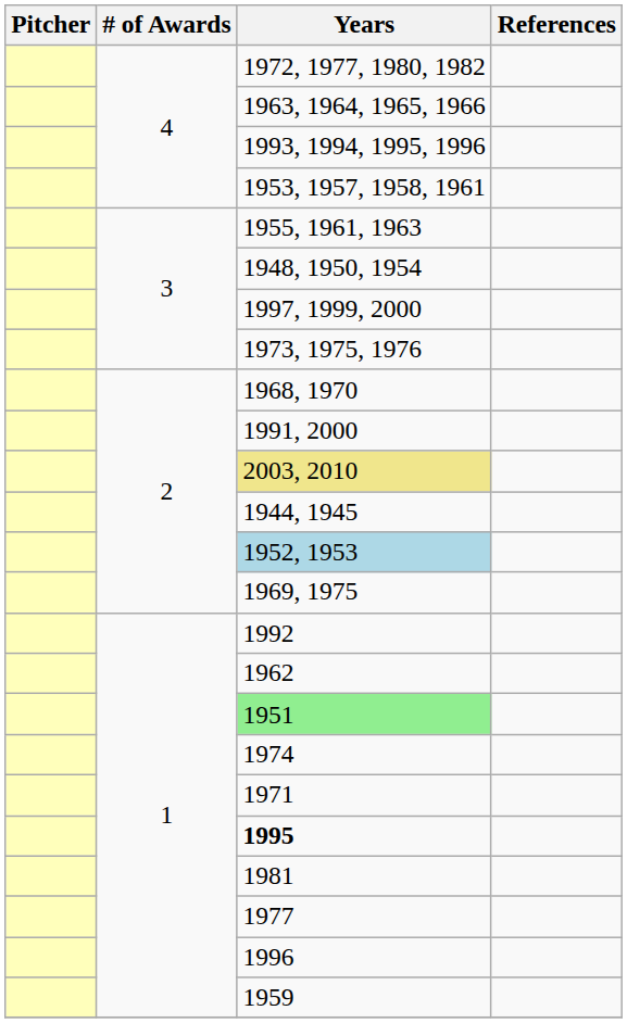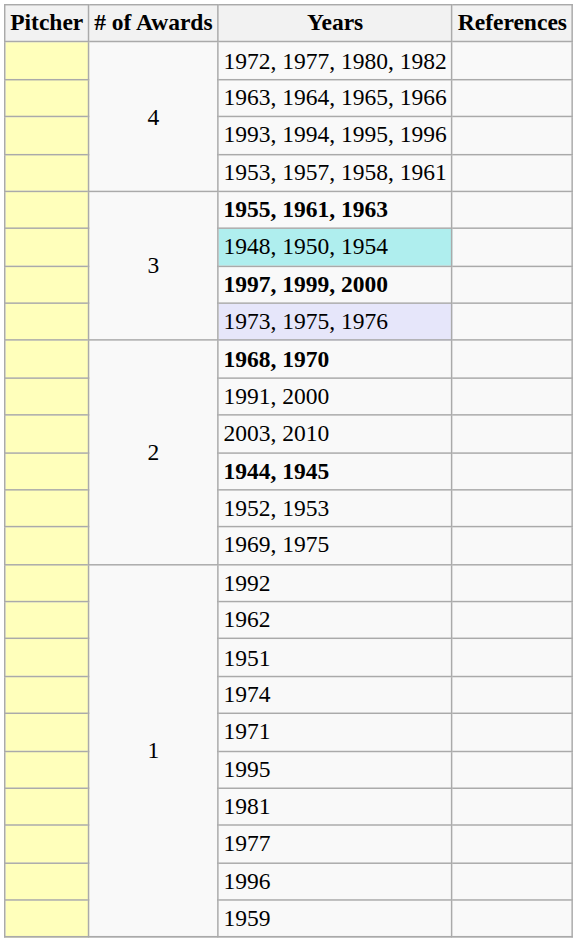 <table class="wikitable sortable" style="text-align:center">
 <tr>
 <th>Pitcher</th>
 <th># of Awards</th>
 <th>Years</th>
 <th class="unsortable">References</th>
 </tr>
 <tr>
 <th scope="row" style="background-color: #ffffbb"> <sup></sup></th>
 <td rowspan=4 style="text-align:center;">4</td>
 <td style="text-align:left;">1972, 1977, 1980, 1982</td>
 <td></td>
 </tr>
 <tr>
 <th scope="row" style="background-color: #ffffbb"> <sup></sup></th>
 <td style="text-align:left;">1963, 1964, 1965, 1966</td>
 <td></td>
 </tr>
 <tr>
 <th scope="row" style="background-color: #ffffbb"> <sup></sup></th>
 <td style="text-align:left;">1993, 1994, 1995, 1996</td>
 <td></td>
 </tr>
 <tr>
 <th scope="row" style="background-color: #ffffbb"> <sup></sup></th>
 <td style="text-align:left;">1953, 1957, 1958, 1961</td>
 <td></td>
 </tr>
 <tr>
 <th scope="row" style="background-color: #ffffbb"> <sup></sup></th>
 <td rowspan=4 style="text-align:center;">3</td>
-<td style="text-align:left;">1955, 1961, 1963</td>
+<td style="text-align:left;"><strong>1955, 1961, 1963</strong></td>
 <td></td>
 </tr>
 <tr>
 <th scope="row" style="background-color: #ffffbb"> <sup></sup></th>
-<td style="text-align:left;">1948, 1950, 1954</td>
+<td style="background: paleturquoise; text-align:left;">1948, 1950, 1954</td>
 <td></td>
 </tr>
 <tr>
 <th scope="row" style="background-color: #ffffbb"> <sup></sup></th>
-<td style="text-align:left;">1997, 1999, 2000</td>
+<td style="text-align:left;"><strong>1997, 1999, 2000</strong></td>
 <td></td>
 </tr>
 <tr>
 <th scope="row" style="background-color: #ffffbb"> <sup></sup></th>
-<td style="text-align:left;">1973, 1975, 1976</td>
+<td style="background: lavender; text-align:left;">1973, 1975, 1976</td>
 <td></td>
 </tr>
 <tr>
 <th scope="row" style="background-color: #ffffbb"> <sup></sup></th>
 <td rowspan=6 style="text-align:center;">2</td>
-<td style="text-align:left;">1968, 1970</td>
+<td style="text-align:left;"><strong>1968, 1970</strong></td>
 <td></td>
 </tr>
 <tr>
 <th scope="row" style="background-color: #ffffbb"> <sup></sup></th>
 <td style="text-align:left;">1991, 2000</td>
 <td></td>
 </tr>
 <tr>
 <th scope="row" style="text-align:center; background-color: #ffffbb"> <sup></sup></th>
-<td style="background: khaki; text-align:left;">2003, 2010</td>
+<td style="text-align:left;">2003, 2010</td>
 <td></td>
 </tr>
 <tr>
 <th scope="row" style="background-color: #ffffbb"> <sup></sup></th>
-<td style="text-align:left;">1944, 1945</td>
+<td style="text-align:left;"><strong>1944, 1945</strong></td>
 <td></td>
 </tr>
 <tr>
 <th scope="row" style="background-color: #ffffbb;"> <sup></sup></th>
-<td style="background: lightblue; text-align:left;">1952, 1953</td>
+<td style="text-align:left;">1952, 1953</td>
 <td></td>
 </tr>
 <tr>
 <th scope="row" style="background-color: #ffffbb"> <sup></sup></th>
 <td style="text-align:left;">1969, 1975</td>
 <td></td>
 </tr>
 <tr>
 <th scope="row" style="background-color: #ffffbb"> <sup></sup></th>
 <td rowspan=10 style="text-align:center;">1</td>
 <td style="text-align:left;">1992</td>
 <td></td>
 </tr>
 <tr>
 <th scope="row" style="text-align:center; background:#ffb;"> <sup></sup></th>
 <td style="text-align:left;">1962</td>
 <td></td>
 </tr>
 <tr>
 <th scope="row" style="background-color: #ffffbb"> <sup></sup></th>
-<td style="background: lightgreen; text-align:left;">1951</td>
+<td style="text-align:left;">1951</td>
 <td></td>
 </tr>
 <tr>
 <th scope="row" style="background-color: #ffffbb"> <sup></sup></th>
 <td style="text-align:left;">1974</td>
 <td></td>
 </tr>
 <tr>
 <th scope="row" style="background-color: #ffffbb"> <sup></sup></th>
 <td style="text-align:left;">1971</td>
 <td></td>
 </tr>
 <tr>
 <th scope="row" style="background-color: #ffffbb"> <sup></sup></th>
-<td style="text-align:left;"><strong>1995</strong></td>
+<td style="text-align:left;">1995</td>
 <td></td>
 </tr>
 <tr>
 <th scope="row" style="text-align:center; background-color: #ffffbb"> <sup></sup></th>
 <td style="text-align:left;">1981</td>
 <td></td>
 </tr>
 <tr>
 <th scope="row" style="text-align:center; background:#ffb;"> <sup></sup></th>
 <td style="text-align:left;">1977</td>
 <td></td>
 </tr>
 <tr>
 <th scope="row" style="text-align:center; background:#ffb;"> <sup></sup></th>
 <td style="text-align:left;">1996</td>
 <td></td>
 </tr>
 <tr>
 <th scope="row" style="background-color: #ffffbb"> <sup></sup></th>
 <td style="text-align:left;">1959</td>
 <td></td>
 </tr>
 <tr>
 </tr>
 </table>
